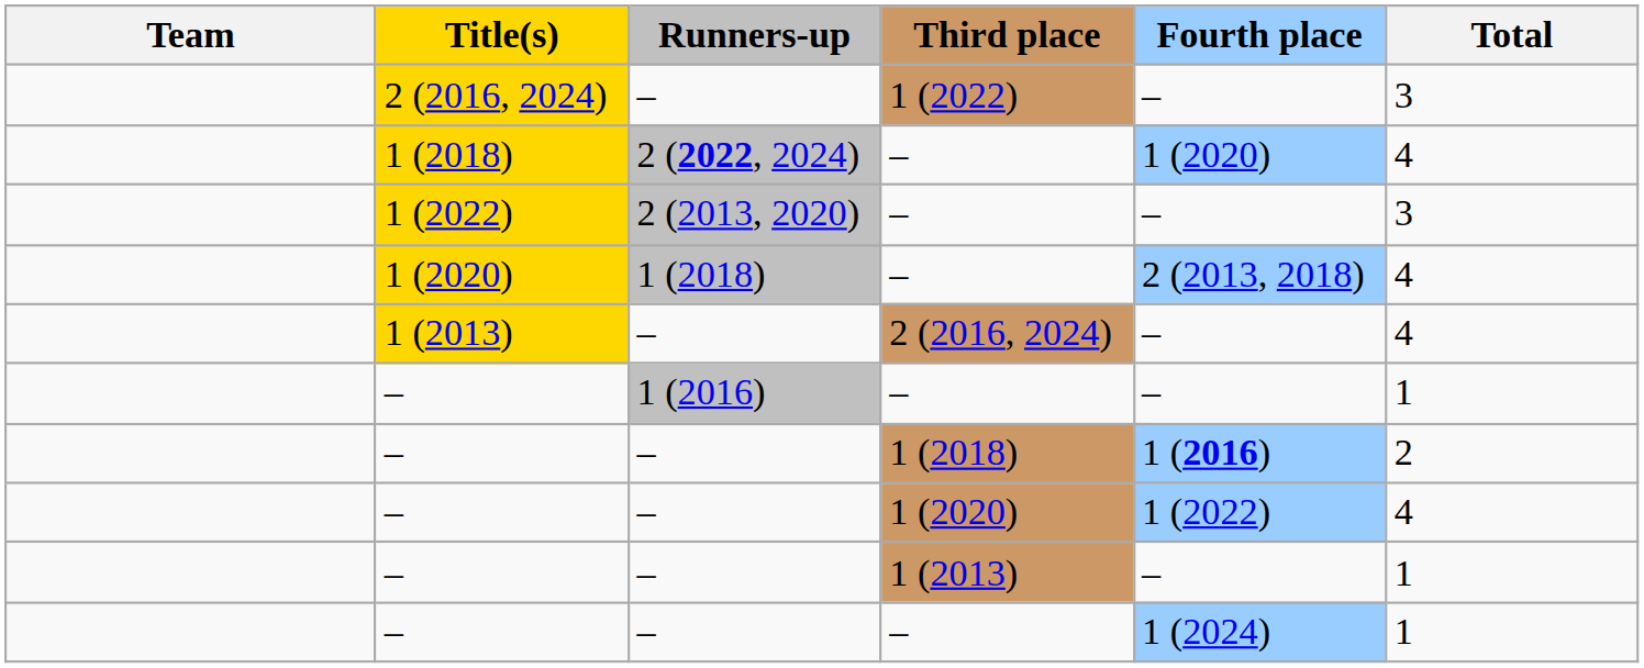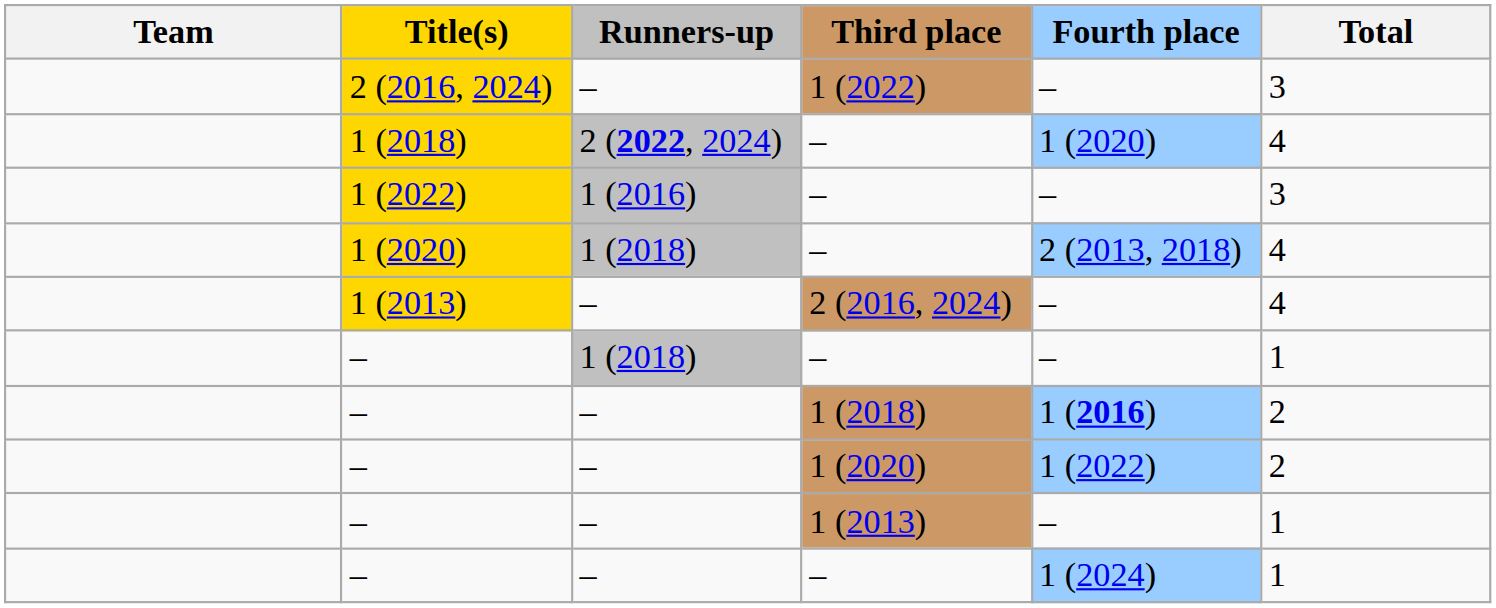 <table class="wikitable">
 <tr>
 <th width=150>Team</th>
 <th width=100 style="background-color:gold;">Title(s)</th>
 <th width=100 style="background-color:silver;">Runners-up</th>
 <th width=100 style="background-color:#cc9966;">Third place</th>
 <th width=100 style="background-color:#9acdff;">Fourth place</th>
 <th width=100>Total</th>
 </tr>
 <tr>
 <td></td>
 <td style="background-color:gold;">2 (<a href='#'>2016</a>, <a href='#'>2024</a>)</td>
 <td>–</td>
 <td style="background-color:#cc9966;">1 (<a href='#'>2022</a>)</td>
 <td>–</td>
 <td>3</td>
 </tr>
 <tr>
 <td></td>
 <td style="background-color:gold;">1 (<a href='#'>2018</a>)</td>
 <td style="background-color:silver;">2 (<strong><a href='#'>2022</a></strong>, <a href='#'>2024</a>)</td>
 <td>–</td>
 <td style="background-color:#9acdff;">1 (<a href='#'>2020</a>)</td>
 <td>4</td>
 </tr>
 <tr>
 <td></td>
 <td style="background-color:gold;">1 (<a href='#'>2022</a>)</td>
-<td style="background-color:silver;">2 (<a href='#'>2013</a>, <a href='#'>2020</a>)</td>
+<td style="background-color:silver;">1 (<a href='#'>2016</a>)</td>
 <td>–</td>
 <td>–</td>
 <td>3</td>
 </tr>
 <tr>
 <td></td>
 <td style="background-color:gold;">1 (<a href='#'>2020</a>)</td>
 <td style="background-color:silver;">1 (<a href='#'>2018</a>)</td>
 <td>–</td>
 <td style="background-color:#9acdff;">2 (<a href='#'>2013</a>, <a href='#'>2018</a>)</td>
 <td>4</td>
 </tr>
 <tr>
 <td></td>
 <td style="background-color:gold;">1 (<a href='#'>2013</a>)</td>
 <td>–</td>
 <td style="background-color:#cc9966;">2 (<a href='#'>2016</a>, <a href='#'>2024</a>)</td>
 <td>–</td>
 <td>4</td>
 </tr>
 <tr>
 <td></td>
 <td>–</td>
-<td style="background-color:silver;">1 (<a href='#'>2016</a>)</td>
+<td style="background-color:silver;">1 (<a href='#'>2018</a>)</td>
 <td>–</td>
 <td>–</td>
 <td>1</td>
 </tr>
 <tr>
 <td></td>
 <td>–</td>
 <td>–</td>
 <td style="background-color:#cc9966;">1 (<a href='#'>2018</a>)</td>
 <td style="background-color:#9acdff;">1 (<strong><a href='#'>2016</a></strong>)</td>
 <td>2</td>
 </tr>
 <tr>
 <td></td>
 <td>–</td>
 <td>–</td>
 <td style="background-color:#cc9966;">1 (<a href='#'>2020</a>)</td>
 <td style="background-color:#9acdff;">1 (<a href='#'>2022</a>)</td>
-<td>4</td>
+<td>2</td>
 </tr>
 <tr>
 <td></td>
 <td>–</td>
 <td>–</td>
 <td style="background-color:#cc9966;">1 (<a href='#'>2013</a>)</td>
 <td>–</td>
 <td>1</td>
 </tr>
 <tr>
 <td></td>
 <td>–</td>
 <td>–</td>
 <td>–</td>
 <td style="background-color:#9acdff;">1 (<a href='#'>2024</a>)</td>
 <td>1</td>
 </tr>
 </table>
